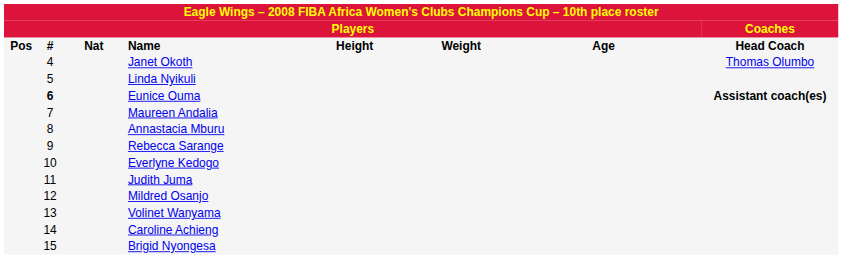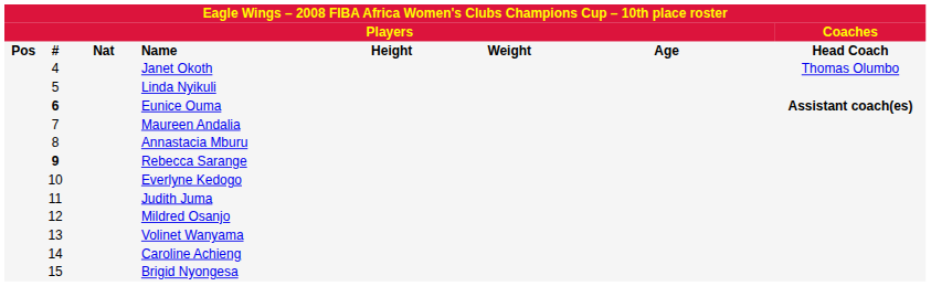 <table border=0 cellpadding=2 cellspacing=0  |- bgcolor=#f5f5f5 style="text-align:center; font-size:85%;" width=75%>
 <tr>
 <td colspan="8" style="background: #dc143c; color: yellow"><strong>Eagle Wings – 2008 FIBA Africa Women's Clubs Champions Cup – 10th place roster</strong></td>
 </tr>
 <tr>
 <td colspan="7" style="background: #dc143c; color: yellow"><strong>Players</strong></td>
 <td style="background: #dc143c; color: yellow"><strong>Coaches</strong></td>
 </tr>
 <tr style="background=#f5f5f5; color: black">
 <th width=5px>Pos</th>
 <th width=5px>#</th>
 <th width=50px>Nat</th>
 <th width=135px align=left>Name</th>
 <th width=100px>Height</th>
 <th width=70px>Weight</th>
 <th width=160px>Age</th>
 <th width=110px>Head Coach</th>
 </tr>
 <tr>
 <td></td>
 <td>4</td>
 <td></td>
 <td align=left><a href='#'>Janet Okoth</a></td>
 <td></td>
 <td></td>
 <td><span></span></td>
 <td> <a href='#'>Thomas Olumbo</a></td>
 </tr>
 <tr>
 <td></td>
 <td>5</td>
 <td></td>
 <td align=left><a href='#'>Linda Nyikuli</a></td>
 <td><span></span></td>
 <td><span></span></td>
 <td></td>
 </tr>
 <tr>
 <td></td>
 <td><strong>6</strong></td>
 <td></td>
 <td align=left><a href='#'>Eunice Ouma</a></td>
 <td><span></span></td>
 <td><span></span></td>
 <td><span></span></td>
 <td><strong>Assistant coach(es)</strong></td>
 </tr>
 <tr>
 <td></td>
 <td>7</td>
 <td></td>
 <td align=left><a href='#'>Maureen Andalia</a></td>
 <td></td>
 <td></td>
 <td><span></span></td>
 <td></td>
 </tr>
 <tr>
 <td></td>
 <td>8</td>
 <td></td>
 <td align=left><a href='#'>Annastacia Mburu</a></td>
 <td></td>
 <td></td>
 <td><span></span></td>
 </tr>
 <tr>
 <td></td>
-<td>9</td>
+<td><strong>9</strong></td>
 <td></td>
 <td align=left><a href='#'>Rebecca Sarange</a></td>
 <td><span></span></td>
 <td><span></span></td>
 <td><span></span></td>
 </tr>
 <tr>
 <td></td>
 <td>10</td>
 <td></td>
 <td align=left><a href='#'>Everlyne Kedogo</a></td>
 <td></td>
 <td></td>
 <td><span></span></td>
 </tr>
 <tr>
 <td></td>
 <td>11</td>
 <td></td>
 <td align=left><a href='#'>Judith Juma</a></td>
 <td></td>
 <td></td>
 <td><span></span></td>
 </tr>
 <tr>
 <td></td>
 <td>12</td>
 <td></td>
 <td align=left><a href='#'>Mildred Osanjo</a></td>
 <td></td>
 <td></td>
 <td><span></span></td>
 </tr>
 <tr>
 <td></td>
 <td>13</td>
 <td></td>
 <td align=left><a href='#'>Volinet Wanyama</a></td>
 <td></td>
 <td></td>
 <td><span></span></td>
 </tr>
 <tr>
 <td></td>
 <td>14</td>
 <td></td>
 <td align=left><a href='#'>Caroline Achieng</a></td>
 <td></td>
 <td></td>
 <td><span></span></td>
 </tr>
 <tr>
 <td></td>
 <td>15</td>
 <td></td>
 <td align=left><a href='#'>Brigid Nyongesa</a></td>
 <td></td>
 <td></td>
 <td><span></span></td>
 </tr>
 </table>
